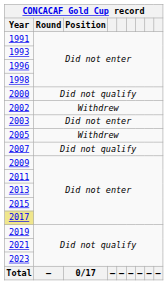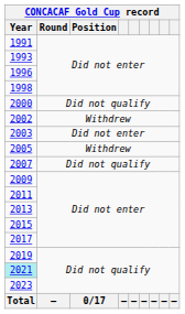 <table class="wikitable" style="text-align: center;">
 <tr>
 <th colspan=10><a href='#'>CONCACAF Gold Cup</a> record</th>
 </tr>
 <tr>
 <th>Year</th>
 <th>Round</th>
 <th>Position</th>
 <th></th>
 <th></th>
 <th></th>
 <th></th>
 <th></th>
 <th></th>
 </tr>
 <tr>
 <td> <a href='#'>1991</a></td>
 <td colspan=8 rowspan=4><em>Did not enter</em></td>
 </tr>
 <tr>
 <td>  <a href='#'>1993</a></td>
 </tr>
 <tr>
 <td> <a href='#'>1996</a></td>
 </tr>
 <tr>
 <td> <a href='#'>1998</a></td>
 </tr>
 <tr>
 <td> <a href='#'>2000</a></td>
 <td colspan=8><em>Did not qualify</em></td>
 </tr>
 <tr>
 <td> <a href='#'>2002</a></td>
 <td colspan=8><em>Withdrew</em></td>
 </tr>
 <tr>
 <td>  <a href='#'>2003</a></td>
 <td colspan=8><em>Did not enter</em></td>
 </tr>
 <tr>
 <td> <a href='#'>2005</a></td>
 <td colspan=8><em>Withdrew</em></td>
 </tr>
 <tr>
 <td> <a href='#'>2007</a></td>
 <td colspan=8><em>Did not qualify</em></td>
 </tr>
 <tr>
 <td> <a href='#'>2009</a></td>
 <td colspan=8 rowspan=5><em>Did not enter</em></td>
 </tr>
 <tr>
 <td> <a href='#'>2011</a></td>
 </tr>
 <tr>
 <td> <a href='#'>2013</a></td>
 </tr>
 <tr>
 <td>  <a href='#'>2015</a></td>
 </tr>
 <tr>
-<td style="background: khaki;"> <a href='#'>2017</a></td>
+<td> <a href='#'>2017</a></td>
 </tr>
 <tr>
 <td>   <a href='#'>2019</a></td>
 <td colspan=8 rowspan=3><em>Did not qualify</em></td>
 </tr>
 <tr>
-<td> <a href='#'>2021</a></td>
+<td style="background: paleturquoise;"> <a href='#'>2021</a></td>
 </tr>
 <tr>
 <td>  <a href='#'>2023</a></td>
 </tr>
 <tr>
 <th>Total</th>
 <th>–</th>
 <th>0/17</th>
 <th>–</th>
 <th>–</th>
 <th>–</th>
 <th>–</th>
 <th>–</th>
 <th>–</th>
 </tr>
 </table>
